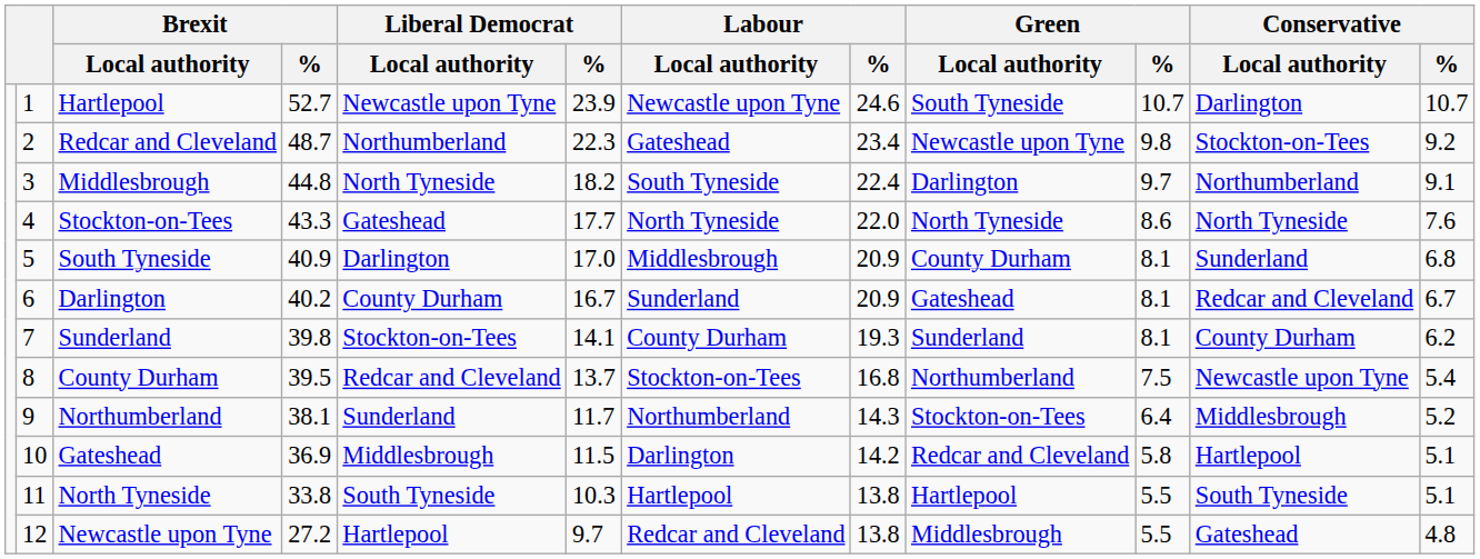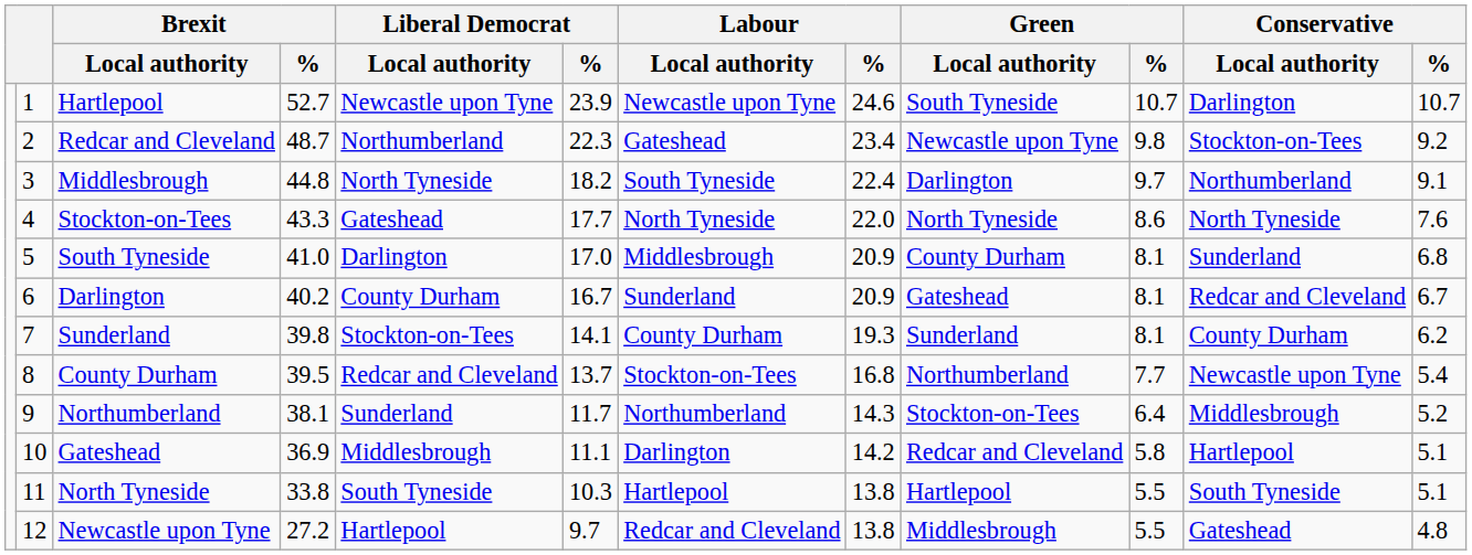 <table class="wikitable">
 <tr>
 <th colspan="2" rowspan="2"></th>
 <th colspan="2">Brexit</th>
 <th colspan="2">Liberal Democrat</th>
 <th colspan="2">Labour</th>
 <th colspan="2">Green</th>
 <th colspan="2">Conservative</th>
 </tr>
 <tr>
 <th style="text-align:center;">Local authority</th>
 <th style="text-align:center;">%</th>
 <th>Local authority</th>
 <th>%</th>
 <th>Local authority</th>
 <th>%</th>
 <th>Local authority</th>
 <th>%</th>
 <th>Local authority</th>
 <th>%</th>
 </tr>
 <tr>
 <td rowspan="12"></td>
 <td>1</td>
 <td><a href='#'>Hartlepool</a></td>
 <td>52.7</td>
 <td><a href='#'>Newcastle upon Tyne</a></td>
 <td>23.9</td>
 <td><a href='#'>Newcastle upon Tyne</a></td>
 <td>24.6</td>
 <td><a href='#'>South Tyneside</a></td>
 <td>10.7</td>
 <td><a href='#'>Darlington</a></td>
 <td>10.7</td>
 </tr>
 <tr>
 <td>2</td>
 <td><a href='#'>Redcar and Cleveland</a></td>
 <td>48.7</td>
 <td><a href='#'>Northumberland</a></td>
 <td>22.3</td>
 <td><a href='#'>Gateshead</a></td>
 <td>23.4</td>
 <td><a href='#'>Newcastle upon Tyne</a></td>
 <td>9.8</td>
 <td><a href='#'>Stockton-on-Tees</a></td>
 <td>9.2</td>
 </tr>
 <tr>
 <td>3</td>
 <td><a href='#'>Middlesbrough</a></td>
 <td>44.8</td>
 <td><a href='#'>North Tyneside</a></td>
 <td>18.2</td>
 <td><a href='#'>South Tyneside</a></td>
 <td>22.4</td>
 <td><a href='#'>Darlington</a></td>
 <td>9.7</td>
 <td><a href='#'>Northumberland</a></td>
 <td>9.1</td>
 </tr>
 <tr>
 <td>4</td>
 <td><a href='#'>Stockton-on-Tees</a></td>
 <td>43.3</td>
 <td><a href='#'>Gateshead</a></td>
 <td>17.7</td>
 <td><a href='#'>North Tyneside</a></td>
 <td>22.0</td>
 <td><a href='#'>North Tyneside</a></td>
 <td>8.6</td>
 <td><a href='#'>North Tyneside</a></td>
 <td>7.6</td>
 </tr>
 <tr>
 <td>5</td>
 <td><a href='#'>South Tyneside</a></td>
-<td>40.9</td>
+<td>41.0</td>
 <td><a href='#'>Darlington</a></td>
 <td>17.0</td>
 <td><a href='#'>Middlesbrough</a></td>
 <td>20.9</td>
 <td><a href='#'>County Durham</a></td>
 <td>8.1</td>
 <td><a href='#'>Sunderland</a></td>
 <td>6.8</td>
 </tr>
 <tr>
 <td>6</td>
 <td><a href='#'>Darlington</a></td>
 <td>40.2</td>
 <td><a href='#'>County Durham</a></td>
 <td>16.7</td>
 <td><a href='#'>Sunderland</a></td>
 <td>20.9</td>
 <td><a href='#'>Gateshead</a></td>
 <td>8.1</td>
 <td><a href='#'>Redcar and Cleveland</a></td>
 <td>6.7</td>
 </tr>
 <tr>
 <td>7</td>
 <td><a href='#'>Sunderland</a></td>
 <td>39.8</td>
 <td><a href='#'>Stockton-on-Tees</a></td>
 <td>14.1</td>
 <td><a href='#'>County Durham</a></td>
 <td>19.3</td>
 <td><a href='#'>Sunderland</a></td>
 <td>8.1</td>
 <td><a href='#'>County Durham</a></td>
 <td>6.2</td>
 </tr>
 <tr>
 <td>8</td>
 <td><a href='#'>County Durham</a></td>
 <td>39.5</td>
 <td><a href='#'>Redcar and Cleveland</a></td>
 <td>13.7</td>
 <td><a href='#'>Stockton-on-Tees</a></td>
 <td>16.8</td>
 <td><a href='#'>Northumberland</a></td>
-<td>7.5</td>
+<td>7.7</td>
 <td><a href='#'>Newcastle upon Tyne</a></td>
 <td>5.4</td>
 </tr>
 <tr>
 <td>9</td>
 <td><a href='#'>Northumberland</a></td>
 <td>38.1</td>
 <td><a href='#'>Sunderland</a></td>
 <td>11.7</td>
 <td><a href='#'>Northumberland</a></td>
 <td>14.3</td>
 <td><a href='#'>Stockton-on-Tees</a></td>
 <td>6.4</td>
 <td><a href='#'>Middlesbrough</a></td>
 <td>5.2</td>
 </tr>
 <tr>
 <td>10</td>
 <td><a href='#'>Gateshead</a></td>
 <td>36.9</td>
 <td><a href='#'>Middlesbrough</a></td>
-<td>11.5</td>
+<td>11.1</td>
 <td><a href='#'>Darlington</a></td>
 <td>14.2</td>
 <td><a href='#'>Redcar and Cleveland</a></td>
 <td>5.8</td>
 <td><a href='#'>Hartlepool</a></td>
 <td>5.1</td>
 </tr>
 <tr>
 <td>11</td>
 <td><a href='#'>North Tyneside</a></td>
 <td>33.8</td>
 <td><a href='#'>South Tyneside</a></td>
 <td>10.3</td>
 <td><a href='#'>Hartlepool</a></td>
 <td>13.8</td>
 <td><a href='#'>Hartlepool</a></td>
 <td>5.5</td>
 <td><a href='#'>South Tyneside</a></td>
 <td>5.1</td>
 </tr>
 <tr>
 <td>12</td>
 <td><a href='#'>Newcastle upon Tyne</a></td>
 <td>27.2</td>
 <td><a href='#'>Hartlepool</a></td>
 <td>9.7</td>
 <td><a href='#'>Redcar and Cleveland</a></td>
 <td>13.8</td>
 <td><a href='#'>Middlesbrough</a></td>
 <td>5.5</td>
 <td><a href='#'>Gateshead</a></td>
 <td>4.8</td>
 </tr>
 </table>
